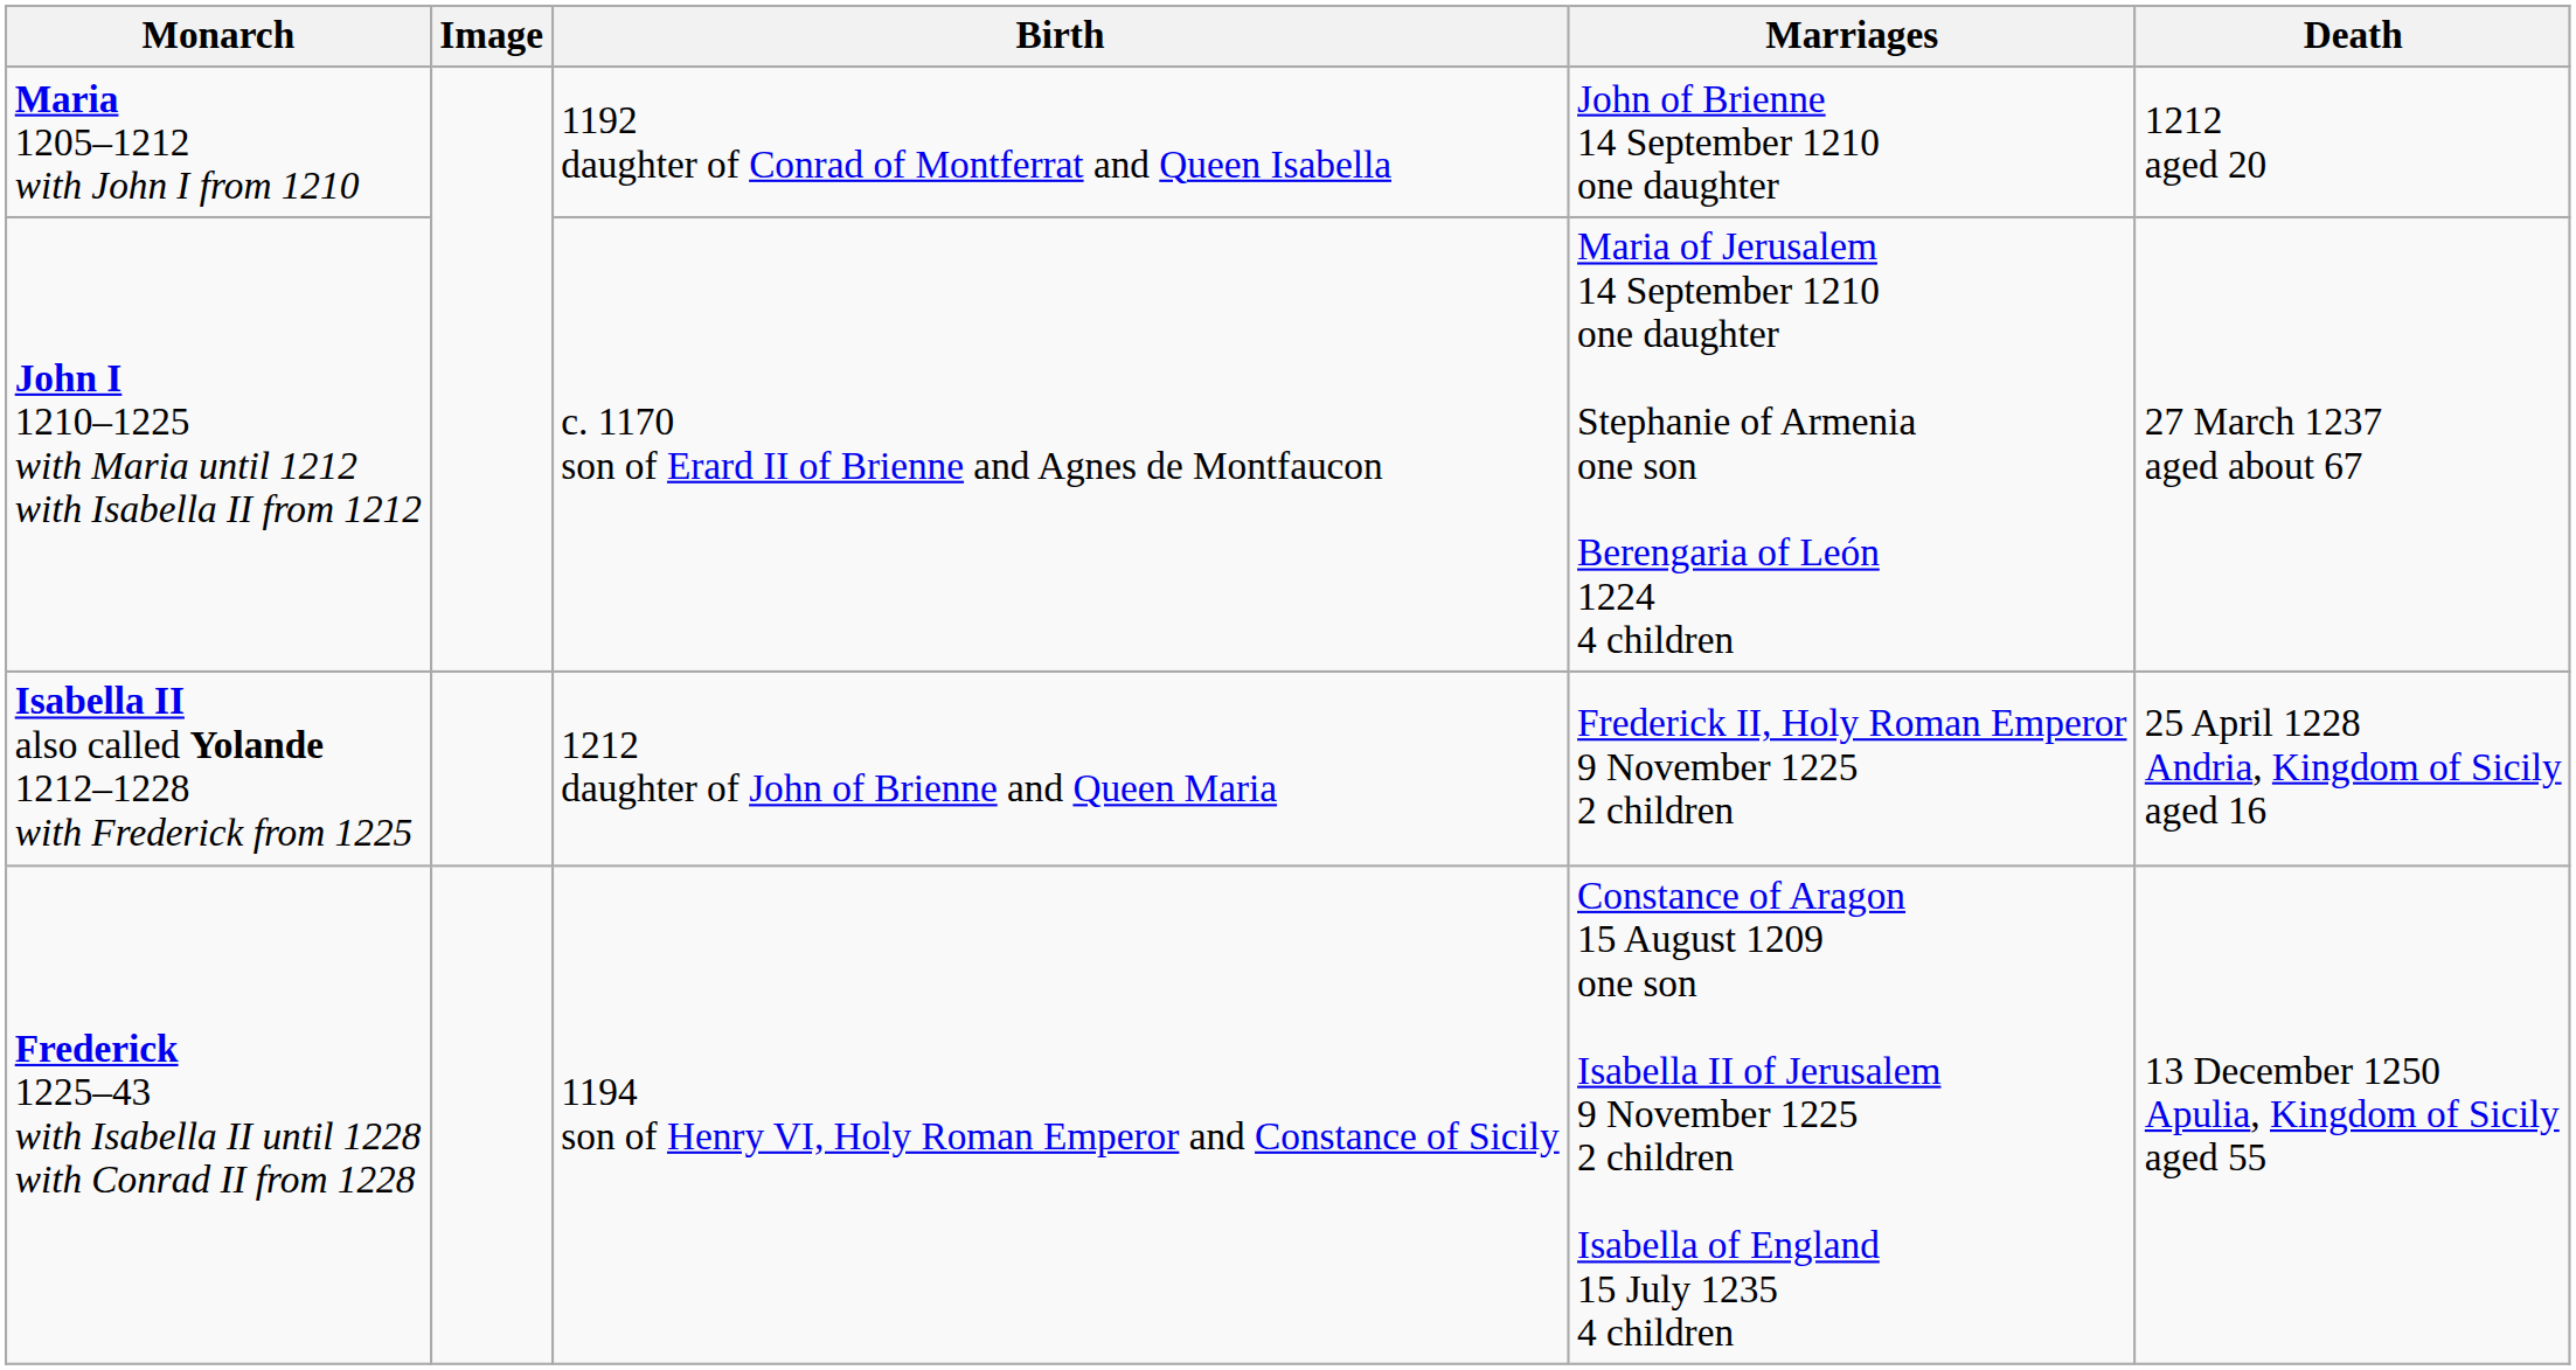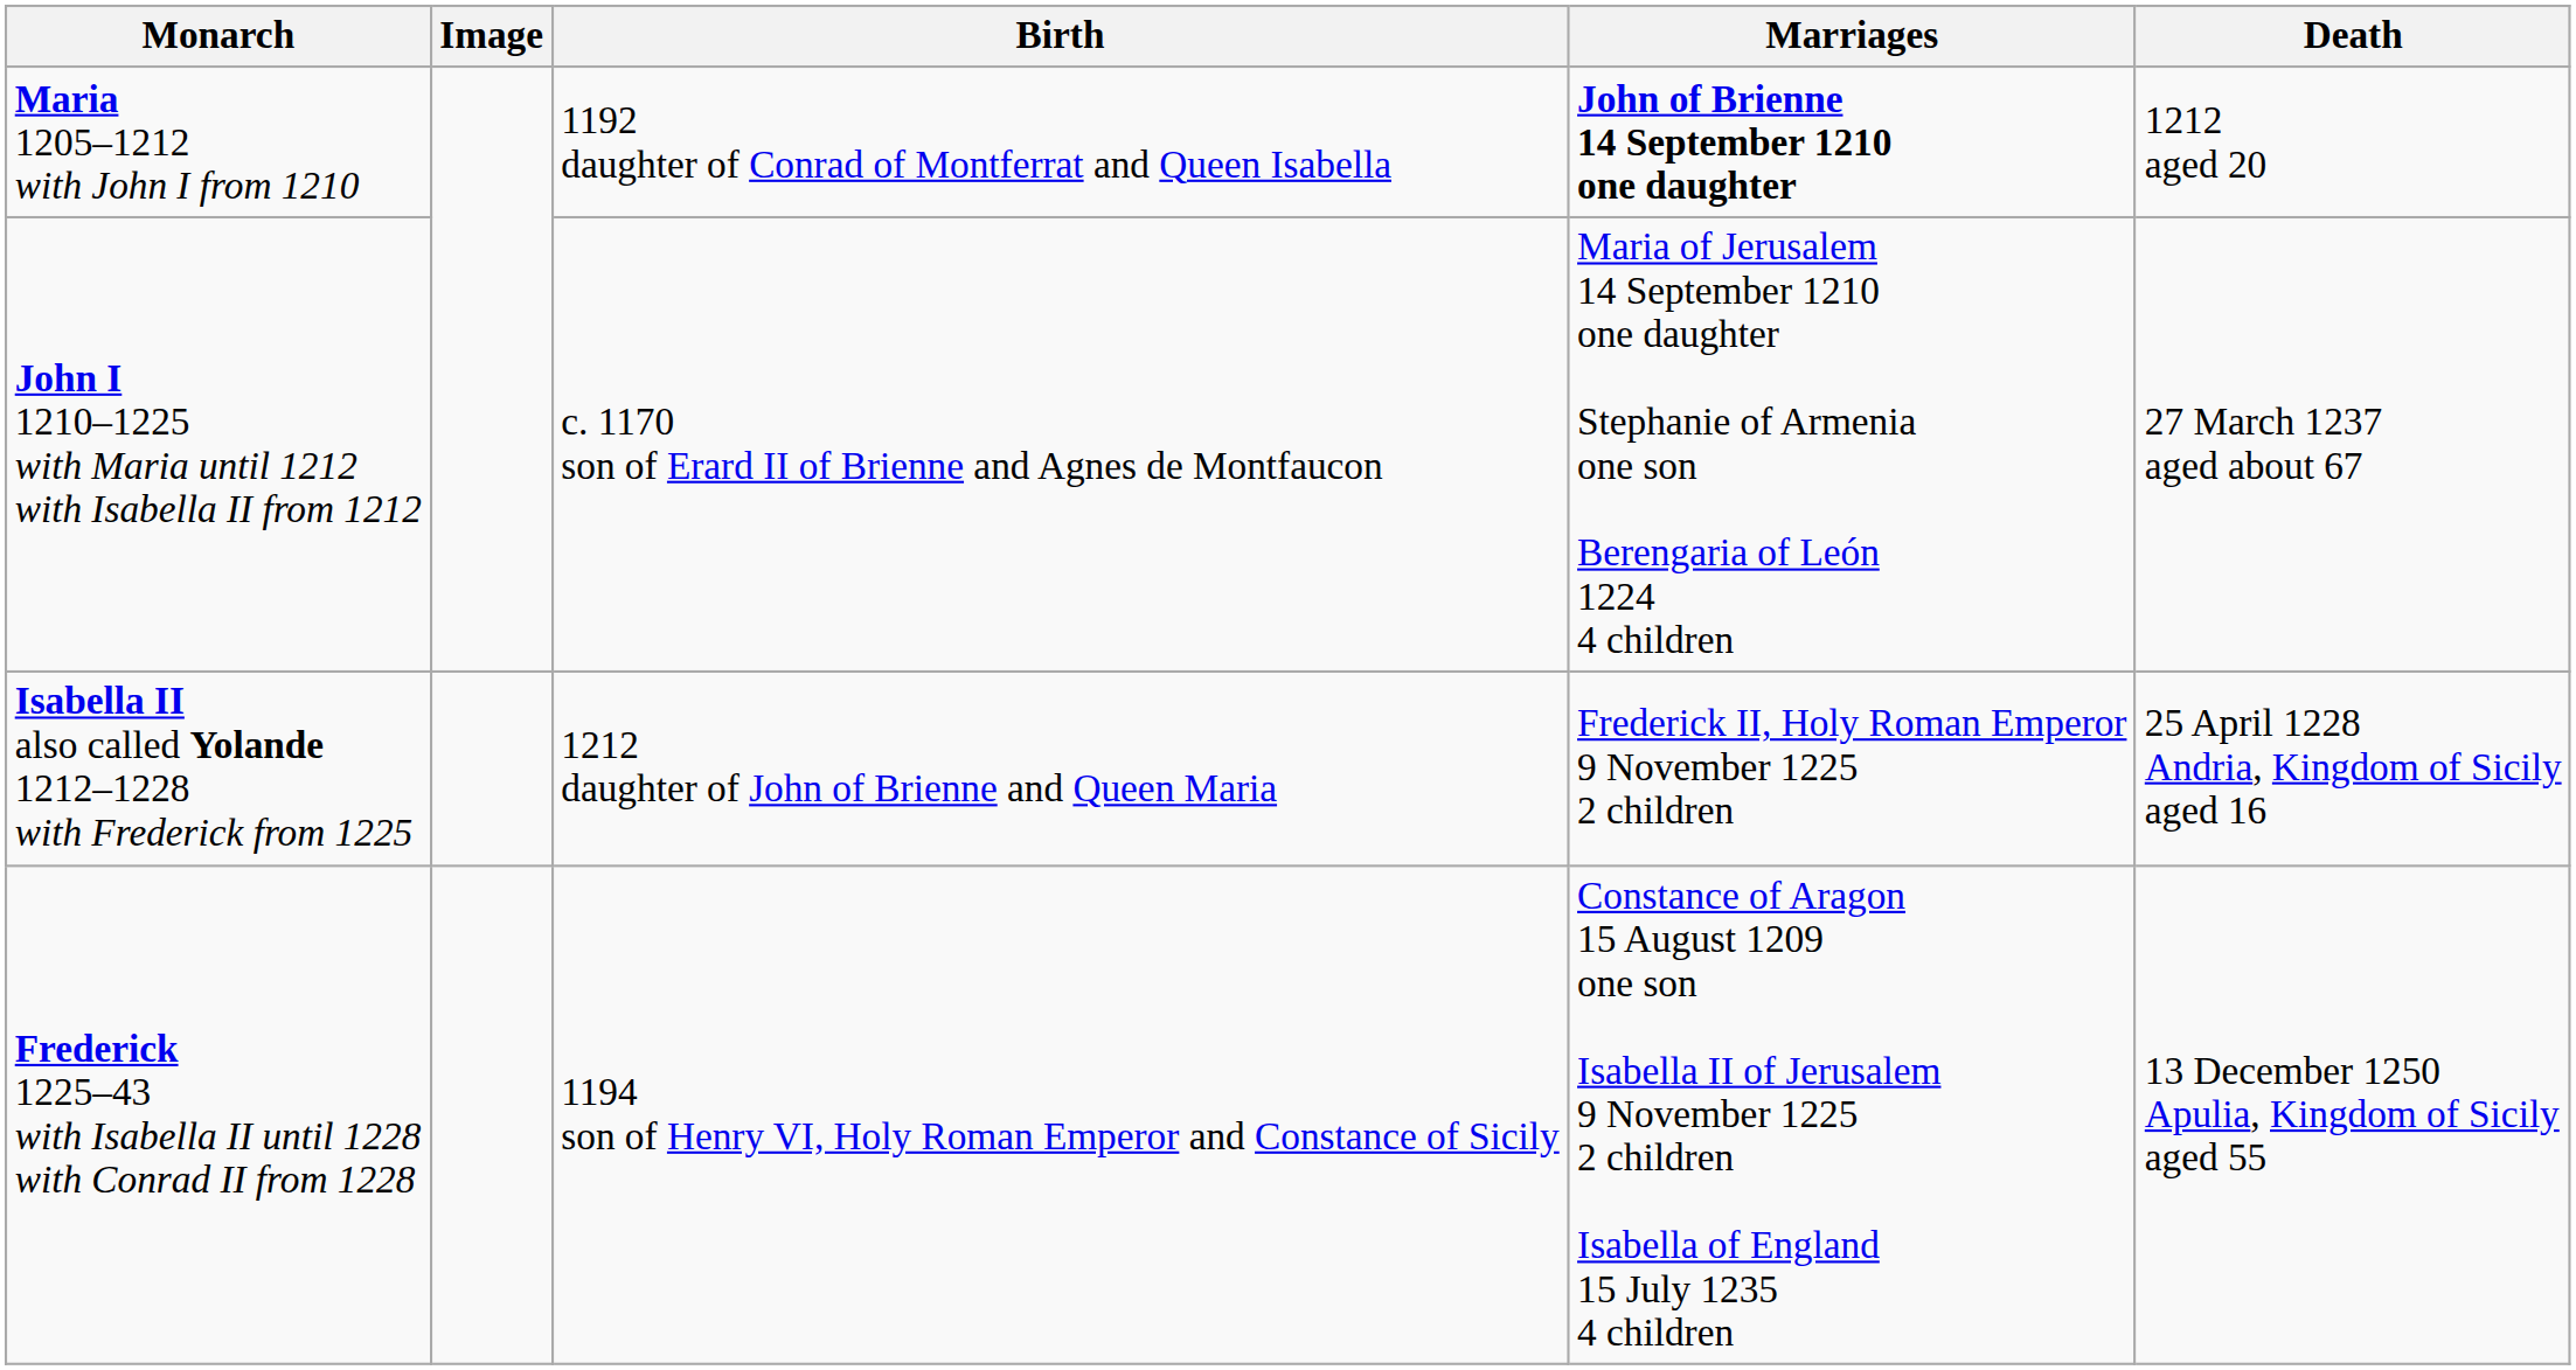 <table class="wikitable">
 <tr>
 <th>Monarch</th>
 <th>Image</th>
 <th>Birth</th>
 <th>Marriages</th>
 <th>Death</th>
 </tr>
 <tr>
 <td><strong><a href='#'>Maria</a></strong><br>1205–1212<br><em>with John I from 1210</em></td>
 <td rowspan="2"></td>
 <td>1192<br>daughter of <a href='#'>Conrad of Montferrat</a> and <a href='#'>Queen Isabella</a></td>
-<td><a href='#'>John of Brienne</a><br>14 September 1210<br>one daughter</td>
+<td><strong><a href='#'>John of Brienne</a><br>14 September 1210<br>one daughter</strong></td>
 <td>1212<br>aged 20</td>
 </tr>
 <tr>
 <td><strong><a href='#'>John I</a></strong><br>1210–1225<br><em>with Maria until 1212</em><br><em>with Isabella II from 1212</em></td>
 <td>c. 1170<br>son of <a href='#'>Erard II of Brienne</a> and Agnes de Montfaucon</td>
 <td><a href='#'>Maria of Jerusalem</a><br>14 September 1210<br>one daughter<br><br>Stephanie of Armenia<br>one son<br><br><a href='#'>Berengaria of León</a><br>1224<br>4 children</td>
 <td>27 March 1237<br>aged about 67</td>
 </tr>
 <tr>
 <td><strong><a href='#'>Isabella II</a></strong><br>also called <strong>Yolande</strong><br>1212–1228<br><em>with Frederick from 1225</em></td>
 <td></td>
 <td>1212<br>daughter of <a href='#'>John of Brienne</a> and <a href='#'>Queen Maria</a></td>
 <td><a href='#'>Frederick II, Holy Roman Emperor</a><br>9 November 1225<br>2 children</td>
 <td>25 April 1228<br><a href='#'>Andria</a>, <a href='#'>Kingdom of Sicily</a><br>aged 16</td>
 </tr>
 <tr>
 <td><strong><a href='#'>Frederick</a></strong><br>1225–43<br><em>with Isabella II until 1228</em><br><em>with Conrad II from 1228</em></td>
 <td></td>
 <td>1194<br>son of <a href='#'>Henry VI, Holy Roman Emperor</a> and <a href='#'>Constance of Sicily</a></td>
 <td><a href='#'>Constance of Aragon</a> <br> 15 August 1209 <br> one son <br><br> <a href='#'>Isabella II of Jerusalem</a><br>9 November 1225<br>2 children<br><br><a href='#'>Isabella of England</a> <br> 15 July 1235<br>4 children</td>
 <td>13 December 1250<br><a href='#'>Apulia</a>, <a href='#'>Kingdom of Sicily</a><br>aged 55</td>
 </tr>
 </table>
